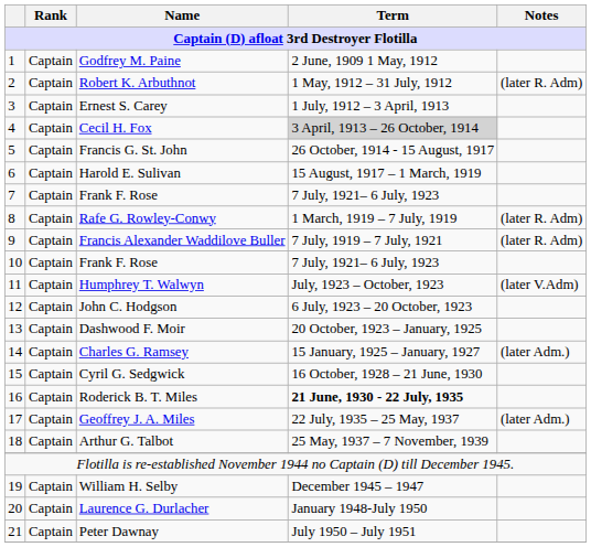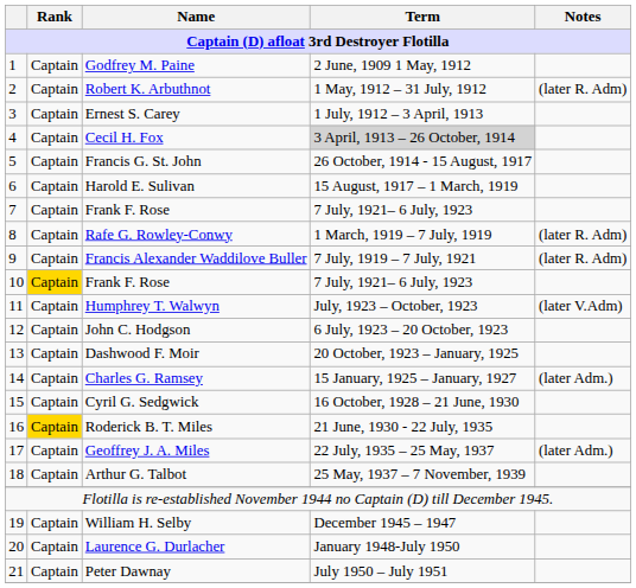 <table class="wikitable">
 <tr>
 <th></th>
 <th>Rank</th>
 <th>Name</th>
 <th>Term</th>
 <th>Notes</th>
 </tr>
 <tr>
 <td colspan="6" align="center" style="background:#dcdcfe;"><strong><a href='#'>Captain (D) afloat</a> 3rd Destroyer Flotilla</strong></td>
 </tr>
 <tr>
 <td>1</td>
 <td>Captain</td>
 <td><a href='#'>Godfrey M. Paine</a></td>
 <td>2 June, 1909 1 May, 1912</td>
 <td></td>
 </tr>
 <tr>
 <td>2</td>
 <td>Captain</td>
 <td><a href='#'>Robert K. Arbuthnot</a></td>
 <td>1 May, 1912  – 31 July, 1912</td>
 <td>(later R. Adm)</td>
 </tr>
 <tr>
 <td>3</td>
 <td>Captain</td>
 <td>Ernest S. Carey</td>
 <td>1 July, 1912 – 3 April, 1913</td>
 <td></td>
 </tr>
 <tr>
 <td>4</td>
 <td>Captain</td>
 <td><a href='#'>Cecil H. Fox</a></td>
 <td style="background: lightgrey;">3 April, 1913 – 26 October, 1914</td>
 <td></td>
 </tr>
 <tr>
 <td>5</td>
 <td>Captain</td>
 <td>Francis G. St. John</td>
 <td>26 October, 1914 - 15 August, 1917</td>
 <td></td>
 </tr>
 <tr>
 <td>6</td>
 <td>Captain</td>
 <td>Harold E. Sulivan</td>
 <td>15 August, 1917 – 1 March, 1919</td>
 <td></td>
 </tr>
 <tr>
 <td>7</td>
 <td>Captain</td>
 <td>Frank F. Rose</td>
 <td>7 July, 1921– 6 July, 1923</td>
 <td></td>
 </tr>
 <tr>
 <td>8</td>
 <td>Captain</td>
 <td><a href='#'>Rafe G. Rowley-Conwy</a></td>
 <td>1 March, 1919 – 7 July, 1919</td>
 <td>(later R. Adm)</td>
 </tr>
 <tr>
 <td>9</td>
 <td>Captain</td>
 <td><a href='#'>Francis Alexander Waddilove Buller</a></td>
 <td>7 July, 1919 – 7 July, 1921</td>
 <td>(later R. Adm)</td>
 </tr>
 <tr>
 <td>10</td>
-<td>Captain</td>
+<td style="background: gold;">Captain</td>
 <td>Frank F. Rose</td>
 <td>7 July, 1921– 6 July, 1923</td>
 <td></td>
 </tr>
 <tr>
 <td>11</td>
 <td>Captain</td>
 <td><a href='#'>Humphrey T. Walwyn</a></td>
 <td>July, 1923 – October, 1923</td>
 <td>(later V.Adm)</td>
 </tr>
 <tr>
 <td>12</td>
 <td>Captain</td>
 <td>John C. Hodgson</td>
 <td>6 July, 1923 – 20 October, 1923</td>
 <td></td>
 </tr>
 <tr>
 <td>13</td>
 <td>Captain</td>
 <td>Dashwood F. Moir</td>
 <td>20 October, 1923  – January, 1925</td>
 <td></td>
 </tr>
 <tr>
 <td>14</td>
 <td>Captain</td>
 <td><a href='#'>Charles G. Ramsey</a></td>
 <td>15 January, 1925 – January, 1927</td>
 <td>(later Adm.)</td>
 </tr>
 <tr>
 <td>15</td>
 <td>Captain</td>
 <td>Cyril G. Sedgwick</td>
 <td>16 October, 1928 – 21 June, 1930</td>
 <td></td>
 </tr>
 <tr>
 <td>16</td>
-<td>Captain</td>
+<td style="background: gold;">Captain</td>
 <td>Roderick B. T. Miles</td>
-<td><strong>21 June, 1930 - 22 July, 1935</strong></td>
+<td>21 June, 1930 - 22 July, 1935</td>
 <td></td>
 </tr>
 <tr>
 <td>17</td>
 <td>Captain</td>
 <td><a href='#'>Geoffrey J. A. Miles</a></td>
 <td>22 July, 1935 – 25 May, 1937</td>
 <td>(later Adm.)</td>
 </tr>
 <tr>
 <td>18</td>
 <td>Captain</td>
 <td>Arthur G. Talbot</td>
 <td>25 May, 1937 – 7 November, 1939</td>
 <td></td>
 </tr>
 <tr>
 </tr>
 <tr style=background-color:#F8F8F8>
 <td colspan=6 align=center><em>Flotilla is re-established November 1944 no Captain (D) till December 1945.</em></td>
 </tr>
 <tr>
 <td>19</td>
 <td>Captain</td>
 <td>William H. Selby</td>
 <td>December 1945 – 1947</td>
 <td></td>
 </tr>
 <tr>
 <td>20</td>
 <td>Captain</td>
 <td><a href='#'>Laurence G. Durlacher</a></td>
 <td>January 1948-July 1950</td>
 <td></td>
 </tr>
 <tr>
 <td>21</td>
 <td>Captain</td>
 <td>Peter Dawnay</td>
 <td>July 1950 – July 1951</td>
 <td></td>
 </tr>
 <tr>
 </tr>
 </table>
